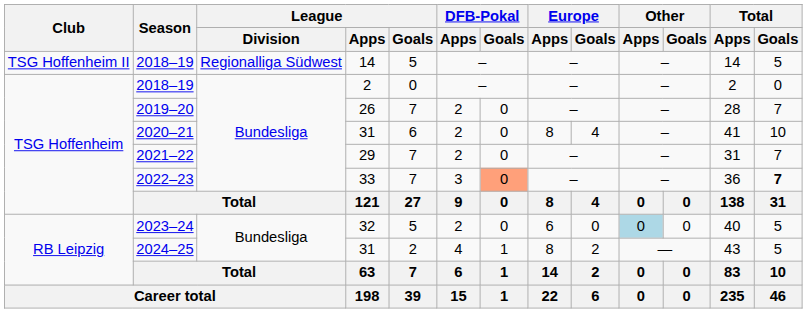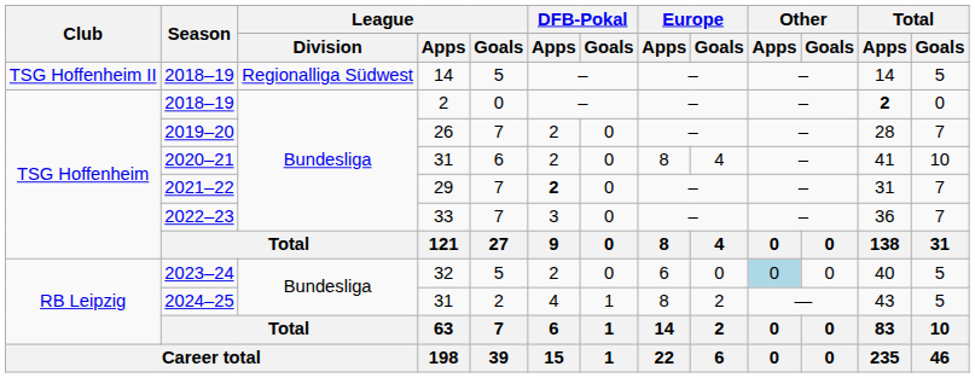 <table class="wikitable" style="text-align: center;">
 <tr>
 <th rowspan="2">Club</th>
 <th rowspan="2">Season</th>
 <th colspan="3">League</th>
 <th colspan="2"><a href='#'>DFB-Pokal</a></th>
 <th colspan="2"><a href='#'>Europe</a></th>
 <th colspan="2">Other</th>
 <th colspan="2">Total</th>
 </tr>
 <tr>
 <th>Division</th>
 <th>Apps</th>
 <th>Goals</th>
 <th>Apps</th>
 <th>Goals</th>
 <th>Apps</th>
 <th>Goals</th>
 <th>Apps</th>
 <th>Goals</th>
 <th>Apps</th>
 <th>Goals</th>
 </tr>
 <tr>
 <td><a href='#'>TSG Hoffenheim II</a></td>
 <td><a href='#'>2018–19</a></td>
 <td><a href='#'>Regionalliga Südwest</a></td>
 <td>14</td>
 <td>5</td>
 <td colspan="2">–</td>
 <td colspan="2">–</td>
 <td colspan="2">–</td>
 <td>14</td>
 <td>5</td>
 </tr>
 <tr>
 <td rowspan="6"><a href='#'>TSG Hoffenheim</a></td>
 <td><a href='#'>2018–19</a></td>
 <td rowspan="5"><a href='#'>Bundesliga</a></td>
 <td>2</td>
 <td>0</td>
 <td colspan="2">–</td>
 <td colspan="2">–</td>
 <td colspan="2">–</td>
-<td>2</td>
+<td><strong>2</strong></td>
 <td>0</td>
 </tr>
 <tr>
 <td><a href='#'>2019–20</a></td>
 <td>26</td>
 <td>7</td>
 <td>2</td>
 <td>0</td>
 <td colspan="2">–</td>
 <td colspan="2">–</td>
 <td>28</td>
 <td>7</td>
 </tr>
 <tr>
 <td><a href='#'>2020–21</a></td>
 <td>31</td>
 <td>6</td>
 <td>2</td>
 <td>0</td>
 <td>8</td>
 <td>4</td>
 <td colspan="2">–</td>
 <td>41</td>
 <td>10</td>
 </tr>
 <tr>
 <td><a href='#'>2021–22</a></td>
 <td>29</td>
 <td>7</td>
-<td>2</td>
+<td><strong>2</strong></td>
 <td>0</td>
 <td colspan="2">–</td>
 <td colspan="2">–</td>
 <td>31</td>
 <td>7</td>
 </tr>
 <tr>
 <td><a href='#'>2022–23</a></td>
 <td>33</td>
 <td>7</td>
 <td>3</td>
-<td style="background: lightsalmon;">0</td>
+<td>0</td>
 <td colspan="2">–</td>
 <td colspan="2">–</td>
 <td>36</td>
-<td><strong>7</strong></td>
+<td>7</td>
 </tr>
 <tr>
 <th colspan="2">Total</th>
 <th>121</th>
 <th>27</th>
 <th>9</th>
 <th>0</th>
 <th>8</th>
 <th>4</th>
 <th>0</th>
 <th>0</th>
 <th>138</th>
 <th>31</th>
 </tr>
 <tr>
 <td rowspan="3"><a href='#'>RB Leipzig</a></td>
 <td><a href='#'>2023–24</a></td>
 <td rowspan="2">Bundesliga</td>
 <td>32</td>
 <td>5</td>
 <td>2</td>
 <td>0</td>
 <td>6</td>
 <td>0</td>
 <td style="background: lightblue;">0</td>
 <td>0</td>
 <td>40</td>
 <td>5</td>
 </tr>
 <tr>
 <td><a href='#'>2024–25</a></td>
 <td>31</td>
 <td>2</td>
 <td>4</td>
 <td>1</td>
 <td>8</td>
 <td>2</td>
 <td colspan="2">—</td>
 <td>43</td>
 <td>5</td>
 </tr>
 <tr>
 <th colspan="2">Total</th>
 <th>63</th>
 <th>7</th>
 <th>6</th>
 <th>1</th>
 <th>14</th>
 <th>2</th>
 <th>0</th>
 <th>0</th>
 <th>83</th>
 <th>10</th>
 </tr>
 <tr>
 <th colspan="3">Career total</th>
 <th>198</th>
 <th>39</th>
 <th>15</th>
 <th>1</th>
 <th>22</th>
 <th>6</th>
 <th>0</th>
 <th>0</th>
 <th>235</th>
 <th>46</th>
 </tr>
 </table>
